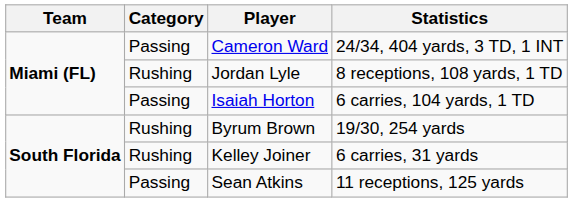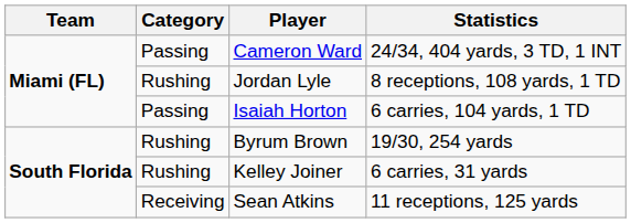 <table class="wikitable" style="float: right;">
 <tr>
 <th>Team</th>
 <th>Category</th>
 <th>Player</th>
 <th>Statistics</th>
 </tr>
 <tr>
 <td rowspan=3><strong>Miami (FL)</strong></td>
 <td>Passing</td>
 <td><a href='#'>Cameron Ward</a></td>
 <td>24/34, 404 yards, 3 TD, 1 INT</td>
 </tr>
 <tr>
 <td>Rushing</td>
 <td>Jordan Lyle</td>
 <td>8 receptions, 108 yards, 1 TD</td>
 </tr>
 <tr>
 <td>Passing</td>
 <td><a href='#'>Isaiah Horton</a></td>
 <td>6 carries, 104 yards, 1 TD</td>
 </tr>
 <tr>
 <td rowspan=3><strong>South Florida</strong></td>
 <td>Rushing</td>
 <td>Byrum Brown</td>
 <td>19/30, 254 yards</td>
 </tr>
 <tr>
 <td>Rushing</td>
 <td>Kelley Joiner</td>
 <td>6 carries, 31 yards</td>
 </tr>
 <tr>
-<td>Passing</td>
+<td>Receiving</td>
 <td>Sean Atkins</td>
 <td>11 receptions, 125 yards</td>
 </tr>
 </table>
